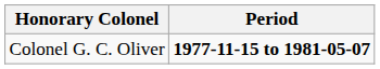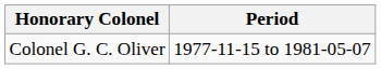 <table class="wikitable">
 <tr>
 <th>Honorary Colonel</th>
 <th>Period</th>
 </tr>
 <tr>
 <td>Colonel G. C. Oliver</td>
-<td><strong>1977-11-15 to 1981-05-07</strong></td>
+<td>1977-11-15 to 1981-05-07</td>
 </tr>
 </table>
